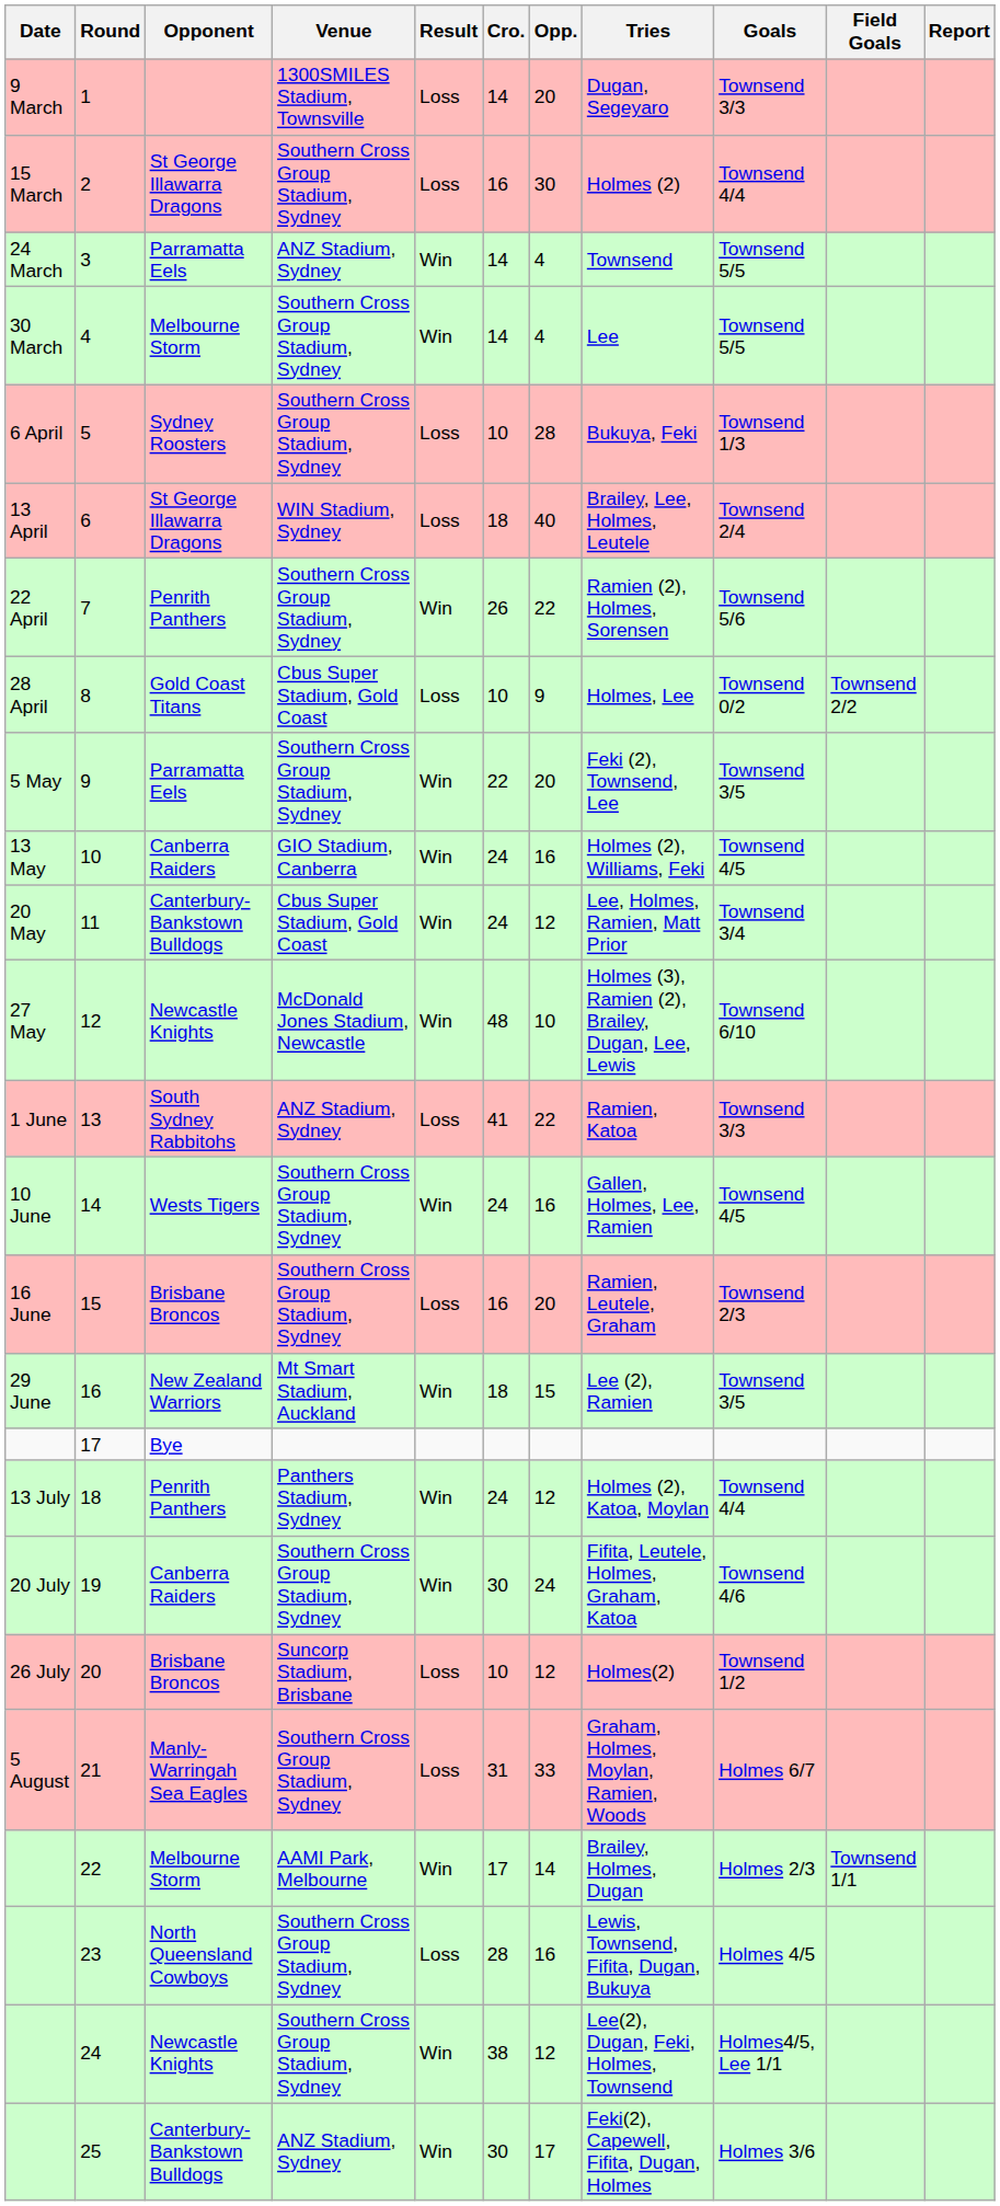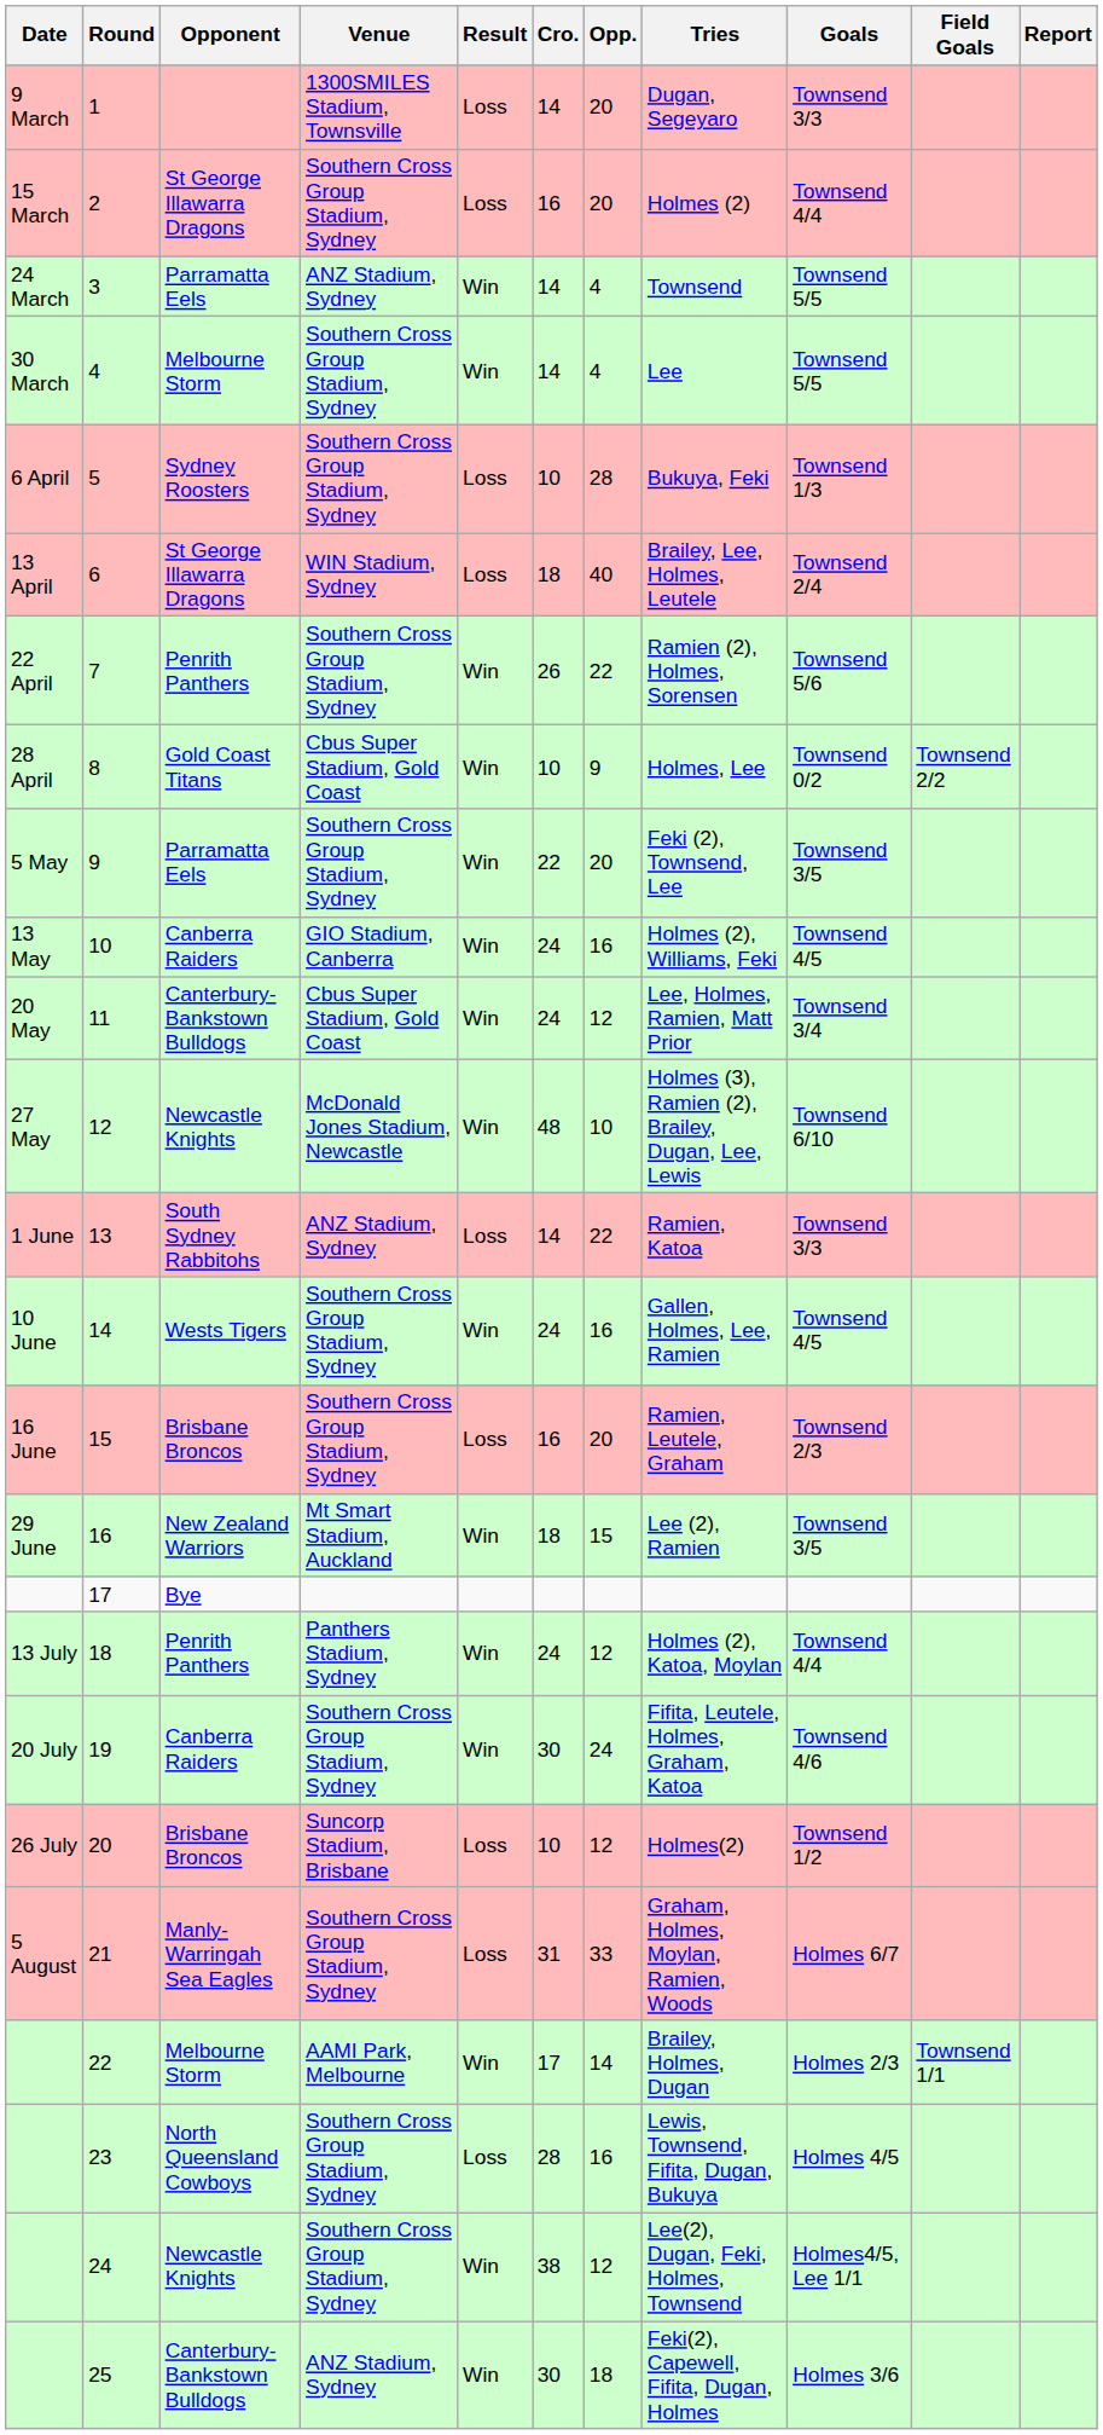 <table class="wikitable"  style="font-size:75%; width:100%;">
 <tr>
 <th>Date</th>
 <th>Round</th>
 <th>Opponent</th>
 <th>Venue</th>
 <th>Result</th>
 <th>Cro.</th>
 <th>Opp.</th>
 <th>Tries</th>
 <th>Goals</th>
 <th>Field Goals</th>
 <th>Report</th>
 </tr>
 <tr style="background:#fbb;">
 <td>9 March</td>
 <td>1</td>
 <td></td>
 <td><a href='#'>1300SMILES Stadium</a>, <a href='#'>Townsville</a></td>
 <td>Loss</td>
 <td>14</td>
 <td>20</td>
 <td><a href='#'>Dugan</a>, <a href='#'>Segeyaro</a></td>
 <td><a href='#'>Townsend</a> 3/3</td>
 <td></td>
 <td></td>
 </tr>
 <tr style="background:#fbb;">
 <td>15 March</td>
 <td>2</td>
 <td> <a href='#'>St George Illawarra Dragons</a></td>
 <td><a href='#'>Southern Cross Group Stadium</a>, <a href='#'>Sydney</a></td>
 <td>Loss</td>
 <td>16</td>
-<td>30</td>
+<td>20</td>
 <td><a href='#'>Holmes</a> (2)</td>
 <td><a href='#'>Townsend</a> 4/4</td>
 <td></td>
 <td></td>
 </tr>
 <tr style="background:#cfc;">
 <td>24 March</td>
 <td>3</td>
 <td> <a href='#'>Parramatta Eels</a></td>
 <td><a href='#'>ANZ Stadium</a>, <a href='#'>Sydney</a></td>
 <td>Win</td>
 <td>14</td>
 <td>4</td>
 <td><a href='#'>Townsend</a></td>
 <td><a href='#'>Townsend</a> 5/5</td>
 <td></td>
 <td></td>
 </tr>
 <tr style="background:#cfc;">
 <td>30 March</td>
 <td>4</td>
 <td> <a href='#'>Melbourne Storm</a></td>
 <td><a href='#'>Southern Cross Group Stadium</a>, <a href='#'>Sydney</a></td>
 <td>Win</td>
 <td>14</td>
 <td>4</td>
 <td><a href='#'>Lee</a></td>
 <td><a href='#'>Townsend</a> 5/5</td>
 <td></td>
 <td></td>
 </tr>
 <tr style="background:#fbb;">
 <td>6 April</td>
 <td>5</td>
 <td> <a href='#'>Sydney Roosters</a></td>
 <td><a href='#'>Southern Cross Group Stadium</a>, <a href='#'>Sydney</a></td>
 <td>Loss</td>
 <td>10</td>
 <td>28</td>
 <td><a href='#'>Bukuya</a>, <a href='#'>Feki</a></td>
 <td><a href='#'>Townsend</a> 1/3</td>
 <td></td>
 <td></td>
 </tr>
 <tr style="background:#fbb;">
 <td>13 April</td>
 <td>6</td>
 <td>  <a href='#'>St George Illawarra Dragons</a></td>
 <td><a href='#'>WIN Stadium</a>, <a href='#'>Sydney</a></td>
 <td>Loss</td>
 <td>18</td>
 <td>40</td>
 <td><a href='#'>Brailey</a>, <a href='#'>Lee</a>, <a href='#'>Holmes</a>, <a href='#'>Leutele</a></td>
 <td><a href='#'>Townsend</a> 2/4</td>
 <td></td>
 <td></td>
 </tr>
 <tr style="background:#cfc;">
 <td>22 April</td>
 <td>7</td>
 <td> <a href='#'>Penrith Panthers</a></td>
 <td><a href='#'>Southern Cross Group Stadium</a>, <a href='#'>Sydney</a></td>
 <td>Win</td>
 <td>26</td>
 <td>22</td>
 <td><a href='#'>Ramien</a> (2), <a href='#'>Holmes</a>, <a href='#'>Sorensen</a></td>
 <td><a href='#'>Townsend</a> 5/6</td>
 <td></td>
 <td></td>
 </tr>
 <tr style="background:#cfc;">
 <td>28 April</td>
 <td>8</td>
 <td> <a href='#'>Gold Coast Titans</a></td>
 <td><a href='#'>Cbus Super Stadium</a>, <a href='#'>Gold Coast</a></td>
-<td>Loss</td>
+<td>Win</td>
 <td>10</td>
 <td>9</td>
 <td><a href='#'>Holmes</a>, <a href='#'>Lee</a></td>
 <td><a href='#'>Townsend</a> 0/2</td>
 <td><a href='#'>Townsend</a> 2/2</td>
 <td></td>
 </tr>
 <tr style="background:#cfc;">
 <td>5 May</td>
 <td>9</td>
 <td> <a href='#'>Parramatta Eels</a></td>
 <td><a href='#'>Southern Cross Group Stadium</a>, <a href='#'>Sydney</a></td>
 <td>Win</td>
 <td>22</td>
 <td>20</td>
 <td><a href='#'>Feki</a> (2), <a href='#'>Townsend</a>, <a href='#'>Lee</a></td>
 <td><a href='#'>Townsend</a> 3/5</td>
 <td></td>
 <td></td>
 </tr>
 <tr style="background:#cfc;">
 <td>13 May</td>
 <td>10</td>
 <td>  <a href='#'>Canberra Raiders</a></td>
 <td><a href='#'>GIO Stadium</a>, <a href='#'>Canberra</a></td>
 <td>Win</td>
 <td>24</td>
 <td>16</td>
 <td><a href='#'>Holmes</a> (2), <a href='#'>Williams</a>, <a href='#'>Feki</a></td>
 <td><a href='#'>Townsend</a> 4/5</td>
 <td></td>
 <td></td>
 </tr>
 <tr style="background:#cfc;">
 <td>20 May</td>
 <td>11</td>
 <td>  <a href='#'>Canterbury-Bankstown Bulldogs</a></td>
 <td><a href='#'>Cbus Super Stadium</a>, <a href='#'>Gold Coast</a></td>
 <td>Win</td>
 <td>24</td>
 <td>12</td>
 <td><a href='#'>Lee</a>, <a href='#'>Holmes</a>, <a href='#'>Ramien</a>, <a href='#'>Matt Prior</a></td>
 <td><a href='#'>Townsend</a> 3/4</td>
 <td></td>
 <td></td>
 </tr>
 <tr style="background:#cfc;">
 <td>27 May</td>
 <td>12</td>
 <td> <a href='#'>Newcastle Knights</a></td>
 <td><a href='#'>McDonald Jones Stadium</a>, <a href='#'>Newcastle</a></td>
 <td>Win</td>
 <td>48</td>
 <td>10</td>
 <td><a href='#'>Holmes</a> (3), <a href='#'>Ramien</a> (2), <a href='#'>Brailey</a>, <a href='#'>Dugan</a>, <a href='#'>Lee</a>, <a href='#'>Lewis</a></td>
 <td><a href='#'>Townsend</a> 6/10</td>
 <td></td>
 <td></td>
 </tr>
 <tr style="background:#fbb;">
 <td>1 June</td>
 <td>13</td>
 <td> <a href='#'>South Sydney Rabbitohs</a></td>
 <td><a href='#'>ANZ Stadium</a>, <a href='#'>Sydney</a></td>
 <td>Loss</td>
-<td>41</td>
+<td>14</td>
 <td>22</td>
 <td><a href='#'>Ramien</a>, <a href='#'>Katoa</a></td>
 <td><a href='#'>Townsend</a> 3/3</td>
 <td></td>
 <td></td>
 </tr>
 <tr style="background:#cfc;">
 <td>10 June</td>
 <td>14</td>
 <td> <a href='#'>Wests Tigers</a></td>
 <td><a href='#'>Southern Cross Group Stadium</a>, <a href='#'>Sydney</a></td>
 <td>Win</td>
 <td>24</td>
 <td>16</td>
 <td><a href='#'>Gallen</a>, <a href='#'>Holmes</a>, <a href='#'>Lee</a>, <a href='#'>Ramien</a></td>
 <td><a href='#'>Townsend</a> 4/5</td>
 <td></td>
 <td></td>
 </tr>
 <tr style="background:#fbb;">
 <td>16 June</td>
 <td>15</td>
 <td>  <a href='#'>Brisbane Broncos</a></td>
 <td><a href='#'>Southern Cross Group Stadium</a>, <a href='#'>Sydney</a></td>
 <td>Loss</td>
 <td>16</td>
 <td>20</td>
 <td><a href='#'>Ramien</a>, <a href='#'>Leutele</a>, <a href='#'>Graham</a></td>
 <td><a href='#'>Townsend</a> 2/3</td>
 <td></td>
 <td></td>
 </tr>
 <tr style="background:#cfc;">
 <td>29 June</td>
 <td>16</td>
 <td> <a href='#'>New Zealand Warriors</a></td>
 <td><a href='#'>Mt Smart Stadium</a>, <a href='#'>Auckland</a></td>
 <td>Win</td>
 <td>18</td>
 <td>15</td>
 <td><a href='#'>Lee</a> (2), <a href='#'>Ramien</a></td>
 <td><a href='#'>Townsend</a> 3/5</td>
 <td></td>
 <td></td>
 </tr>
 <tr style="background:">
 <td></td>
 <td>17</td>
 <td><a href='#'>Bye</a></td>
 <td></td>
 <td></td>
 <td></td>
 <td></td>
 <td></td>
 <td></td>
 <td></td>
 <td></td>
 </tr>
 <tr style="background:#cfc;">
 <td>13 July</td>
 <td>18</td>
 <td>  <a href='#'>Penrith Panthers</a></td>
 <td><a href='#'>Panthers Stadium</a>, <a href='#'>Sydney</a></td>
 <td>Win</td>
 <td>24</td>
 <td>12</td>
 <td><a href='#'>Holmes</a> (2), <a href='#'>Katoa</a>, <a href='#'>Moylan</a></td>
 <td><a href='#'>Townsend</a> 4/4</td>
 <td></td>
 <td></td>
 </tr>
 <tr style="background:#cfc;">
 <td>20 July</td>
 <td>19</td>
 <td> <a href='#'>Canberra Raiders</a></td>
 <td><a href='#'>Southern Cross Group Stadium</a>, <a href='#'>Sydney</a></td>
 <td>Win</td>
 <td>30</td>
 <td>24</td>
 <td><a href='#'>Fifita</a>, <a href='#'>Leutele</a>, <a href='#'>Holmes</a>, <a href='#'>Graham</a>, <a href='#'>Katoa</a></td>
 <td><a href='#'>Townsend</a> 4/6</td>
 <td></td>
 <td></td>
 </tr>
 <tr style="background:#fbb;">
 <td>26 July</td>
 <td>20</td>
 <td> <a href='#'>Brisbane Broncos</a></td>
 <td><a href='#'>Suncorp Stadium</a>, <a href='#'>Brisbane</a></td>
 <td>Loss</td>
 <td>10</td>
 <td>12</td>
 <td><a href='#'>Holmes</a>(2)</td>
 <td><a href='#'>Townsend</a> 1/2</td>
 <td></td>
 <td></td>
 </tr>
 <tr style="background:#fbb;">
 <td>5 August</td>
 <td>21</td>
 <td> <a href='#'>Manly-Warringah Sea Eagles</a></td>
 <td><a href='#'>Southern Cross Group Stadium</a>, <a href='#'>Sydney</a></td>
 <td>Loss</td>
 <td>31</td>
 <td>33</td>
 <td><a href='#'>Graham</a>, <a href='#'>Holmes</a>, <a href='#'>Moylan</a>, <a href='#'>Ramien</a>, <a href='#'>Woods</a></td>
 <td><a href='#'>Holmes</a> 6/7</td>
 <td></td>
 <td></td>
 </tr>
 <tr style="background:#cfc;”">
 <td></td>
 <td>22</td>
 <td> <a href='#'>Melbourne Storm</a></td>
 <td><a href='#'>AAMI Park</a>, <a href='#'>Melbourne</a></td>
 <td>Win</td>
 <td>17</td>
 <td>14</td>
 <td><a href='#'>Brailey</a>, <a href='#'>Holmes</a>, <a href='#'>Dugan</a></td>
 <td><a href='#'>Holmes</a> 2/3</td>
 <td><a href='#'>Townsend</a> 1/1</td>
 <td></td>
 </tr>
 <tr style="background:#cfc;">
 <td></td>
 <td>23</td>
 <td> <a href='#'>North Queensland Cowboys</a></td>
 <td><a href='#'>Southern Cross Group Stadium</a>, <a href='#'>Sydney</a></td>
 <td>Loss</td>
 <td>28</td>
 <td>16</td>
 <td><a href='#'>Lewis</a>, <a href='#'>Townsend</a>, <a href='#'>Fifita</a>, <a href='#'>Dugan</a>, <a href='#'>Bukuya</a></td>
 <td><a href='#'>Holmes</a> 4/5</td>
 <td></td>
 <td></td>
 </tr>
 <tr style="background: #cfc;”">
 <td></td>
 <td>24</td>
 <td>  <a href='#'>Newcastle Knights</a></td>
 <td><a href='#'>Southern Cross Group Stadium</a>, <a href='#'>Sydney</a></td>
 <td>Win</td>
 <td>38</td>
 <td>12</td>
 <td><a href='#'>Lee</a>(2), <a href='#'>Dugan</a>, <a href='#'>Feki</a>, <a href='#'>Holmes</a>, <a href='#'>Townsend</a></td>
 <td><a href='#'>Holmes</a>4/5, <a href='#'>Lee</a> 1/1</td>
 <td></td>
 <td></td>
 </tr>
 <tr style="background: #cfc;”">
 <td></td>
 <td>25</td>
 <td> <a href='#'>Canterbury-Bankstown Bulldogs</a></td>
 <td><a href='#'>ANZ Stadium</a>, <a href='#'>Sydney</a></td>
 <td>Win</td>
 <td>30</td>
-<td>17</td>
+<td>18</td>
 <td><a href='#'>Feki</a>(2), <a href='#'>Capewell</a>, <a href='#'>Fifita</a>, <a href='#'>Dugan</a>, <a href='#'>Holmes</a></td>
 <td><a href='#'>Holmes</a> 3/6</td>
 <td></td>
 <td></td>
 </tr>
 </table>
